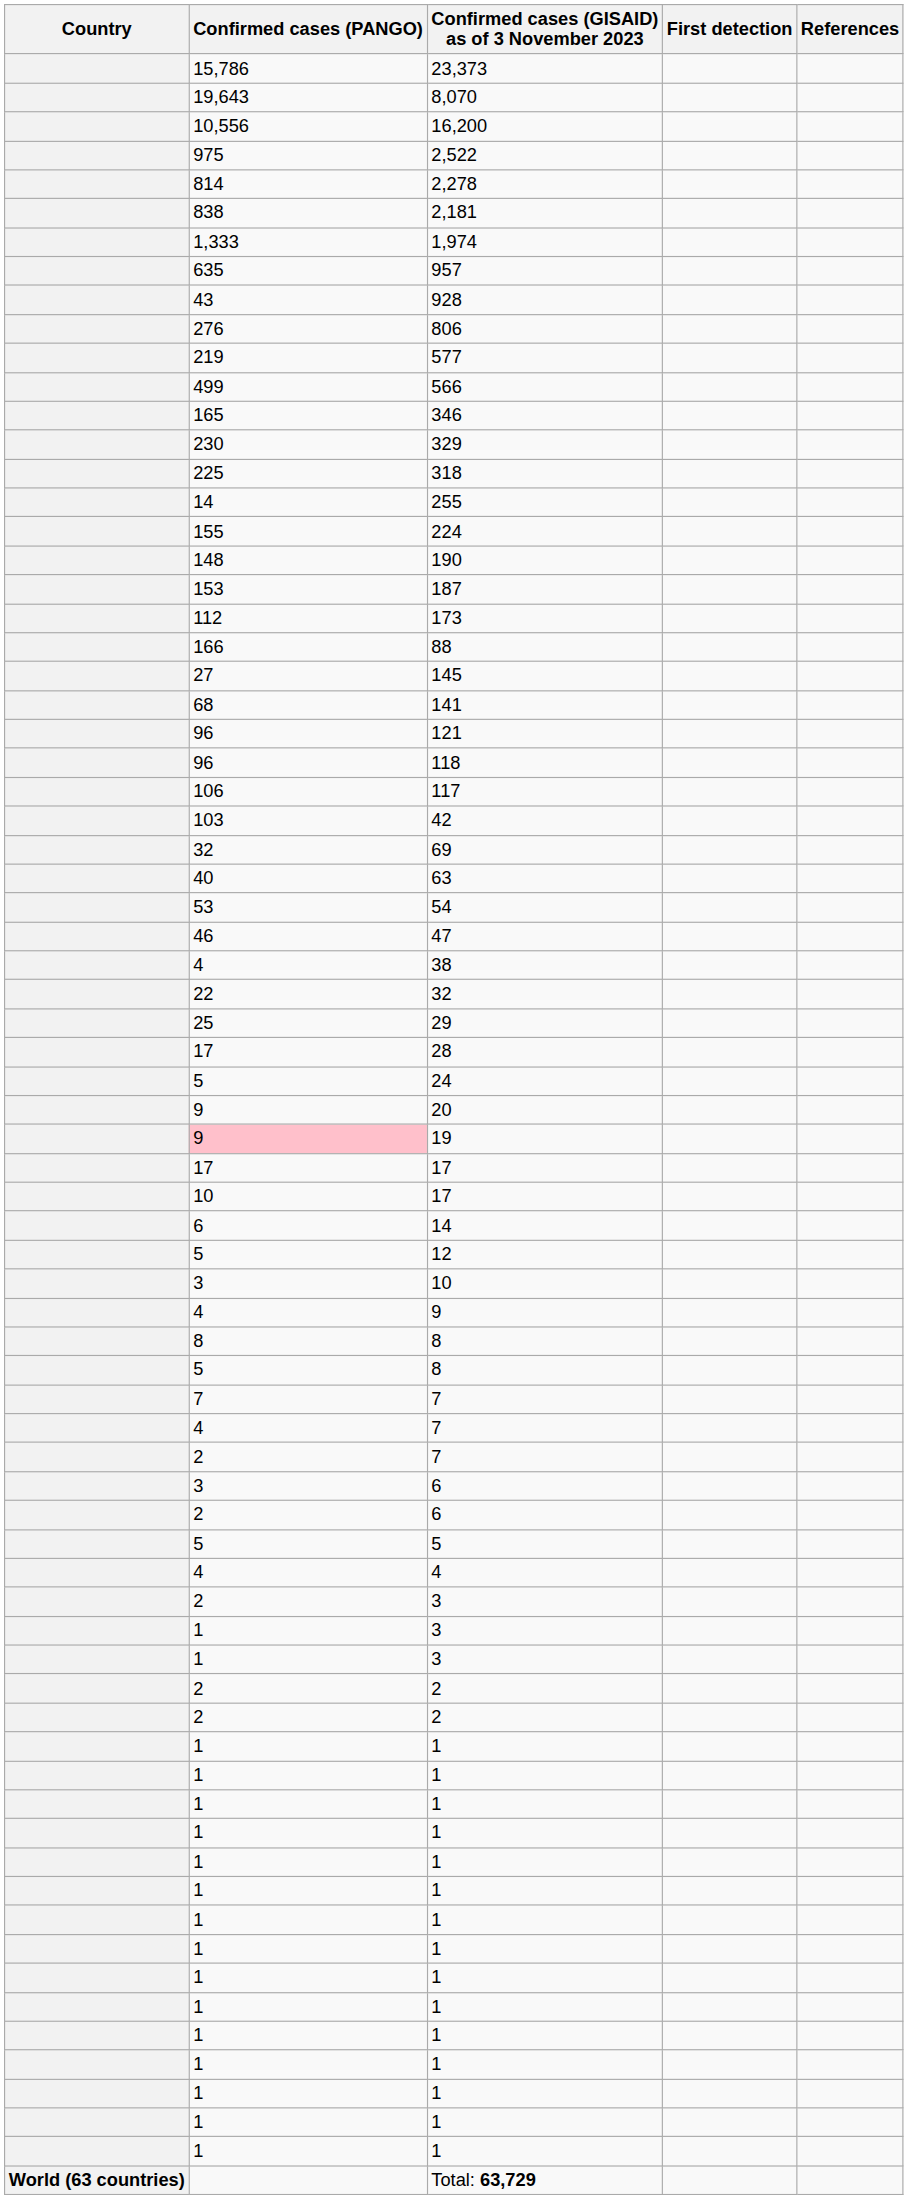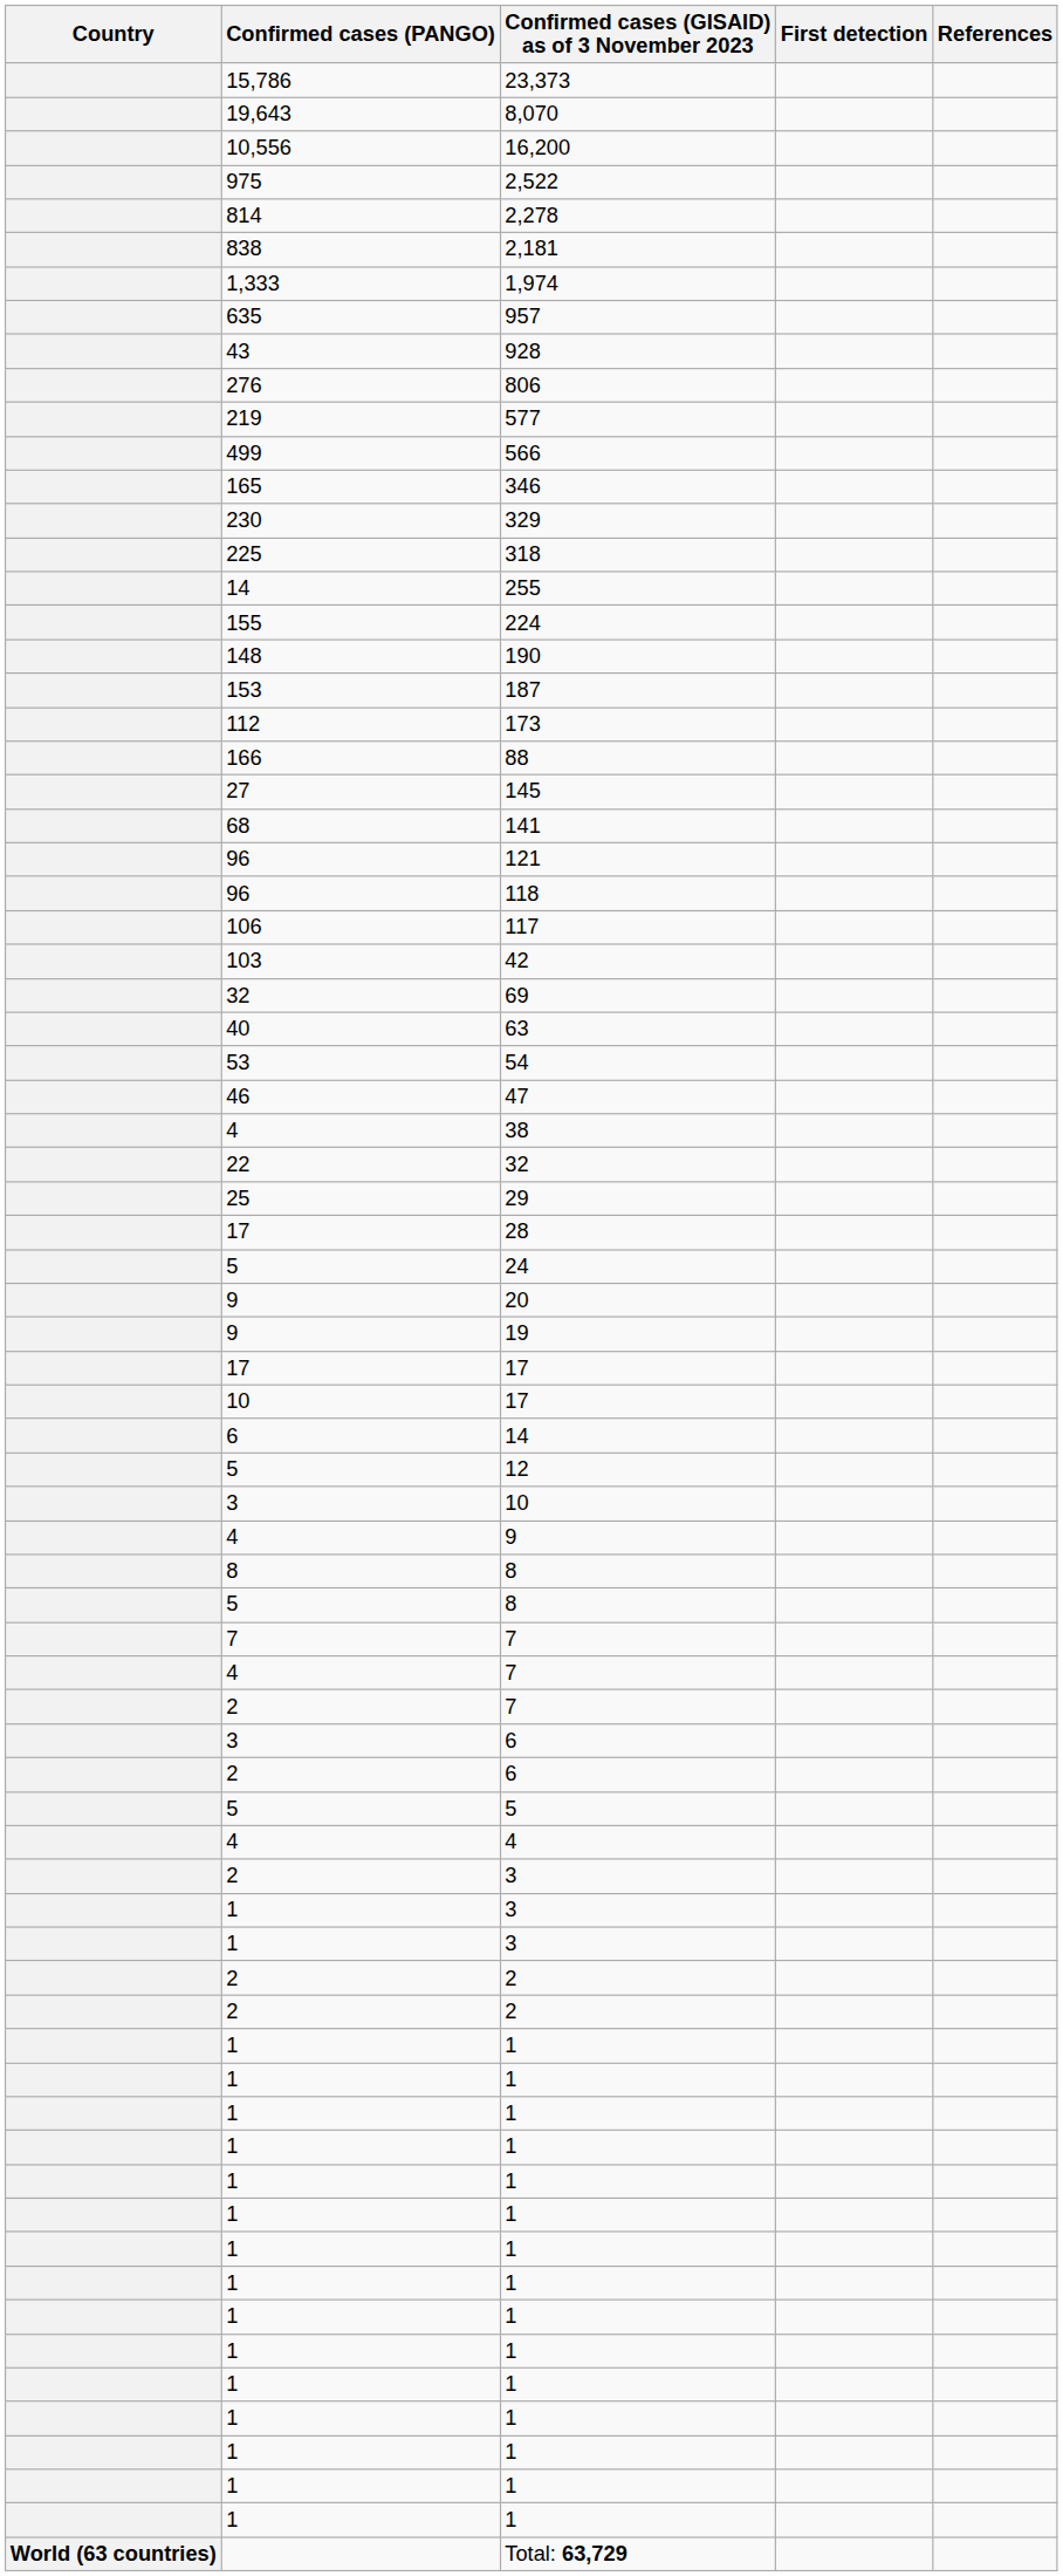 <table class="wikitable sortable plainrowheaders collapsible collapsed">
 <tr>
 <th scope="col">Country</th>
 <th scope="col">Confirmed cases (PANGO)</th>
 <th>Confirmed cases (GISAID)<br>as of 3 November 2023</th>
 <th scope="col">First detection</th>
 <th class="unsortable" scope="col">References</th>
 </tr>
 <tr>
 <th scope="row"></th>
 <td>15,786</td>
 <td>23,373</td>
 <td></td>
 <td></td>
 </tr>
 <tr>
 <th scope="row"></th>
 <td>19,643</td>
 <td>8,070</td>
 <td></td>
 <td></td>
 </tr>
 <tr>
 <th scope="row"></th>
 <td>10,556</td>
 <td>16,200</td>
 <td></td>
 <td></td>
 </tr>
 <tr>
 <th scope="row"></th>
 <td>975</td>
 <td>2,522</td>
 <td></td>
 <td></td>
 </tr>
 <tr>
 <th scope="row"></th>
 <td>814</td>
 <td>2,278</td>
 <td></td>
 <td></td>
 </tr>
 <tr>
 <th scope="row"></th>
 <td>838</td>
 <td>2,181</td>
 <td></td>
 <td></td>
 </tr>
 <tr>
 <th scope="row"></th>
 <td>1,333</td>
 <td>1,974</td>
 <td></td>
 <td></td>
 </tr>
 <tr>
 <th scope="row"></th>
 <td>635</td>
 <td>957</td>
 <td></td>
 <td></td>
 </tr>
 <tr>
 <th scope="row"></th>
 <td>43</td>
 <td>928</td>
 <td></td>
 <td></td>
 </tr>
 <tr>
 <th scope="row"></th>
 <td>276</td>
 <td>806</td>
 <td></td>
 <td></td>
 </tr>
 <tr>
 <th scope="row"></th>
 <td>219</td>
 <td>577</td>
 <td></td>
 <td></td>
 </tr>
 <tr>
 <th scope="row"></th>
 <td>499</td>
 <td>566</td>
 <td></td>
 <td></td>
 </tr>
 <tr>
 <th scope="row"></th>
 <td>165</td>
 <td>346</td>
 <td></td>
 <td></td>
 </tr>
 <tr>
 <th scope="row"></th>
 <td>230</td>
 <td>329</td>
 <td></td>
 <td></td>
 </tr>
 <tr>
 <th scope="row"></th>
 <td>225</td>
 <td>318</td>
 <td></td>
 <td></td>
 </tr>
 <tr>
 <th scope="row"></th>
 <td>14</td>
 <td>255</td>
 <td></td>
 <td></td>
 </tr>
 <tr>
 <th scope="row"></th>
 <td>155</td>
 <td>224</td>
 <td></td>
 <td></td>
 </tr>
 <tr>
 <th scope="row"></th>
 <td>148</td>
 <td>190</td>
 <td></td>
 <td></td>
 </tr>
 <tr>
 <th scope="row"></th>
 <td>153</td>
 <td>187</td>
 <td></td>
 <td></td>
 </tr>
 <tr>
 <th scope="row"></th>
 <td>112</td>
 <td>173</td>
 <td></td>
 <td></td>
 </tr>
 <tr>
 <th scope="row"></th>
 <td>166</td>
 <td>88</td>
 <td></td>
 <td></td>
 </tr>
 <tr>
 <th scope="row"></th>
 <td>27</td>
 <td>145</td>
 <td></td>
 <td></td>
 </tr>
 <tr>
 <th scope="row"></th>
 <td>68</td>
 <td>141</td>
 <td></td>
 <td></td>
 </tr>
 <tr>
 <th scope="row"></th>
 <td>96</td>
 <td>121</td>
 <td></td>
 <td></td>
 </tr>
 <tr>
 <th scope="row"></th>
 <td>96</td>
 <td>118</td>
 <td></td>
 <td></td>
 </tr>
 <tr>
 <th scope="row"></th>
 <td>106</td>
 <td>117</td>
 <td></td>
 <td></td>
 </tr>
 <tr>
 <th scope="row"></th>
 <td>103</td>
 <td>42</td>
 <td></td>
 <td></td>
 </tr>
 <tr>
 <th scope="row"></th>
 <td>32</td>
 <td>69</td>
 <td></td>
 <td></td>
 </tr>
 <tr>
 <th scope="row"></th>
 <td>40</td>
 <td>63</td>
 <td></td>
 <td></td>
 </tr>
 <tr>
 <th scope="row"></th>
 <td>53</td>
 <td>54</td>
 <td></td>
 <td></td>
 </tr>
 <tr>
 <th scope="row"></th>
 <td>46</td>
 <td>47</td>
 <td></td>
 <td></td>
 </tr>
 <tr>
 <th scope="row"></th>
 <td>4</td>
 <td>38</td>
 <td></td>
 <td></td>
 </tr>
 <tr>
 <th scope="row"></th>
 <td>22</td>
 <td>32</td>
 <td></td>
 <td></td>
 </tr>
 <tr>
 <th scope="row"></th>
 <td>25</td>
 <td>29</td>
 <td></td>
 <td></td>
 </tr>
 <tr>
 <th scope="row"></th>
 <td>17</td>
 <td>28</td>
 <td></td>
 <td></td>
 </tr>
 <tr>
 <th scope="row"></th>
 <td>5</td>
 <td>24</td>
 <td></td>
 <td></td>
 </tr>
 <tr>
 <th scope="row"></th>
 <td>9</td>
 <td>20</td>
 <td></td>
 <td></td>
 </tr>
 <tr>
 <th scope="row"></th>
-<td style="background: pink;">9</td>
+<td>9</td>
 <td>19</td>
 <td></td>
 <td></td>
 </tr>
 <tr>
 <th scope="row"></th>
 <td>17</td>
 <td>17</td>
 <td></td>
 <td></td>
 </tr>
 <tr>
 <th scope="row"></th>
 <td>10</td>
 <td>17</td>
 <td></td>
 <td></td>
 </tr>
 <tr>
 <th scope="row"></th>
 <td>6</td>
 <td>14</td>
 <td></td>
 <td></td>
 </tr>
 <tr>
 <th scope="row"></th>
 <td>5</td>
 <td>12</td>
 <td></td>
 <td></td>
 </tr>
 <tr>
 <th scope="row"></th>
 <td>3</td>
 <td>10</td>
 <td></td>
 <td></td>
 </tr>
 <tr>
 <th scope="row"></th>
 <td>4</td>
 <td>9</td>
 <td></td>
 <td></td>
 </tr>
 <tr>
 <th scope="row"></th>
 <td>8</td>
 <td>8</td>
 <td></td>
 <td></td>
 </tr>
 <tr>
 <th scope="row"></th>
 <td>5</td>
 <td>8</td>
 <td></td>
 <td></td>
 </tr>
 <tr>
 <th scope="row"></th>
 <td>7</td>
 <td>7</td>
 <td></td>
 <td></td>
 </tr>
 <tr>
 <th scope="row"></th>
 <td>4</td>
 <td>7</td>
 <td></td>
 <td></td>
 </tr>
 <tr>
 <th scope="row"></th>
 <td>2</td>
 <td>7</td>
 <td></td>
 <td></td>
 </tr>
 <tr>
 <th scope="row"></th>
 <td>3</td>
 <td>6</td>
 <td></td>
 <td></td>
 </tr>
 <tr>
 <th scope="row"></th>
 <td>2</td>
 <td>6</td>
 <td></td>
 <td></td>
 </tr>
 <tr>
 <th scope="row"></th>
 <td>5</td>
 <td>5</td>
 <td></td>
 <td></td>
 </tr>
 <tr>
 <th scope="row"></th>
 <td>4</td>
 <td>4</td>
 <td></td>
 <td></td>
 </tr>
 <tr>
 <th scope="row"></th>
 <td>2</td>
 <td>3</td>
 <td></td>
 <td></td>
 </tr>
 <tr>
 <th scope="row"></th>
 <td>1</td>
 <td>3</td>
 <td></td>
 <td></td>
 </tr>
 <tr>
 <th scope="row"></th>
 <td>1</td>
 <td>3</td>
 <td></td>
 <td></td>
 </tr>
 <tr>
 <th scope="row"></th>
 <td>2</td>
 <td>2</td>
 <td></td>
 <td></td>
 </tr>
 <tr>
 <th scope="row"></th>
 <td>2</td>
 <td>2</td>
 <td></td>
 <td></td>
 </tr>
 <tr>
 <th scope="row"></th>
 <td>1</td>
 <td>1</td>
 <td></td>
 <td></td>
 </tr>
 <tr>
 <th scope="row"></th>
 <td>1</td>
 <td>1</td>
 <td></td>
 <td></td>
 </tr>
 <tr>
 <th scope="row"></th>
 <td>1</td>
 <td>1</td>
 <td></td>
 <td></td>
 </tr>
 <tr>
 <th scope="row"></th>
 <td>1</td>
 <td>1</td>
 <td></td>
 <td></td>
 </tr>
 <tr>
 <th scope="row"></th>
 <td>1</td>
 <td>1</td>
 <td></td>
 <td></td>
 </tr>
 <tr>
 <th scope="row"></th>
 <td>1</td>
 <td>1</td>
 <td></td>
 <td></td>
 </tr>
 <tr>
 <th scope="row"></th>
 <td>1</td>
 <td>1</td>
 <td></td>
 <td></td>
 </tr>
 <tr>
 <th scope="row"></th>
 <td>1</td>
 <td>1</td>
 <td></td>
 <td></td>
 </tr>
 <tr>
 <th scope="row"></th>
 <td>1</td>
 <td>1</td>
 <td></td>
 <td></td>
 </tr>
 <tr>
 <th scope="row"></th>
 <td>1</td>
 <td>1</td>
 <td></td>
 <td></td>
 </tr>
 <tr>
 <th scope="row"></th>
 <td>1</td>
 <td>1</td>
 <td></td>
 <td></td>
 </tr>
 <tr>
 <th scope="row"></th>
 <td>1</td>
 <td>1</td>
 <td></td>
 <td></td>
 </tr>
 <tr>
 <th scope="row"></th>
 <td>1</td>
 <td>1</td>
 <td></td>
 <td></td>
 </tr>
 <tr>
 <th scope="row"></th>
 <td>1</td>
 <td>1</td>
 <td></td>
 <td></td>
 </tr>
 <tr>
 <th scope="row"></th>
 <td>1</td>
 <td>1</td>
 <td></td>
 <td></td>
 </tr>
 <tr class="sortbottom">
 <th scope="row"><strong>World</strong> (63 countries)</th>
 <td></td>
 <td>Total: <strong>63,729</strong></td>
 <td></td>
 <td></td>
 </tr>
 </table>
